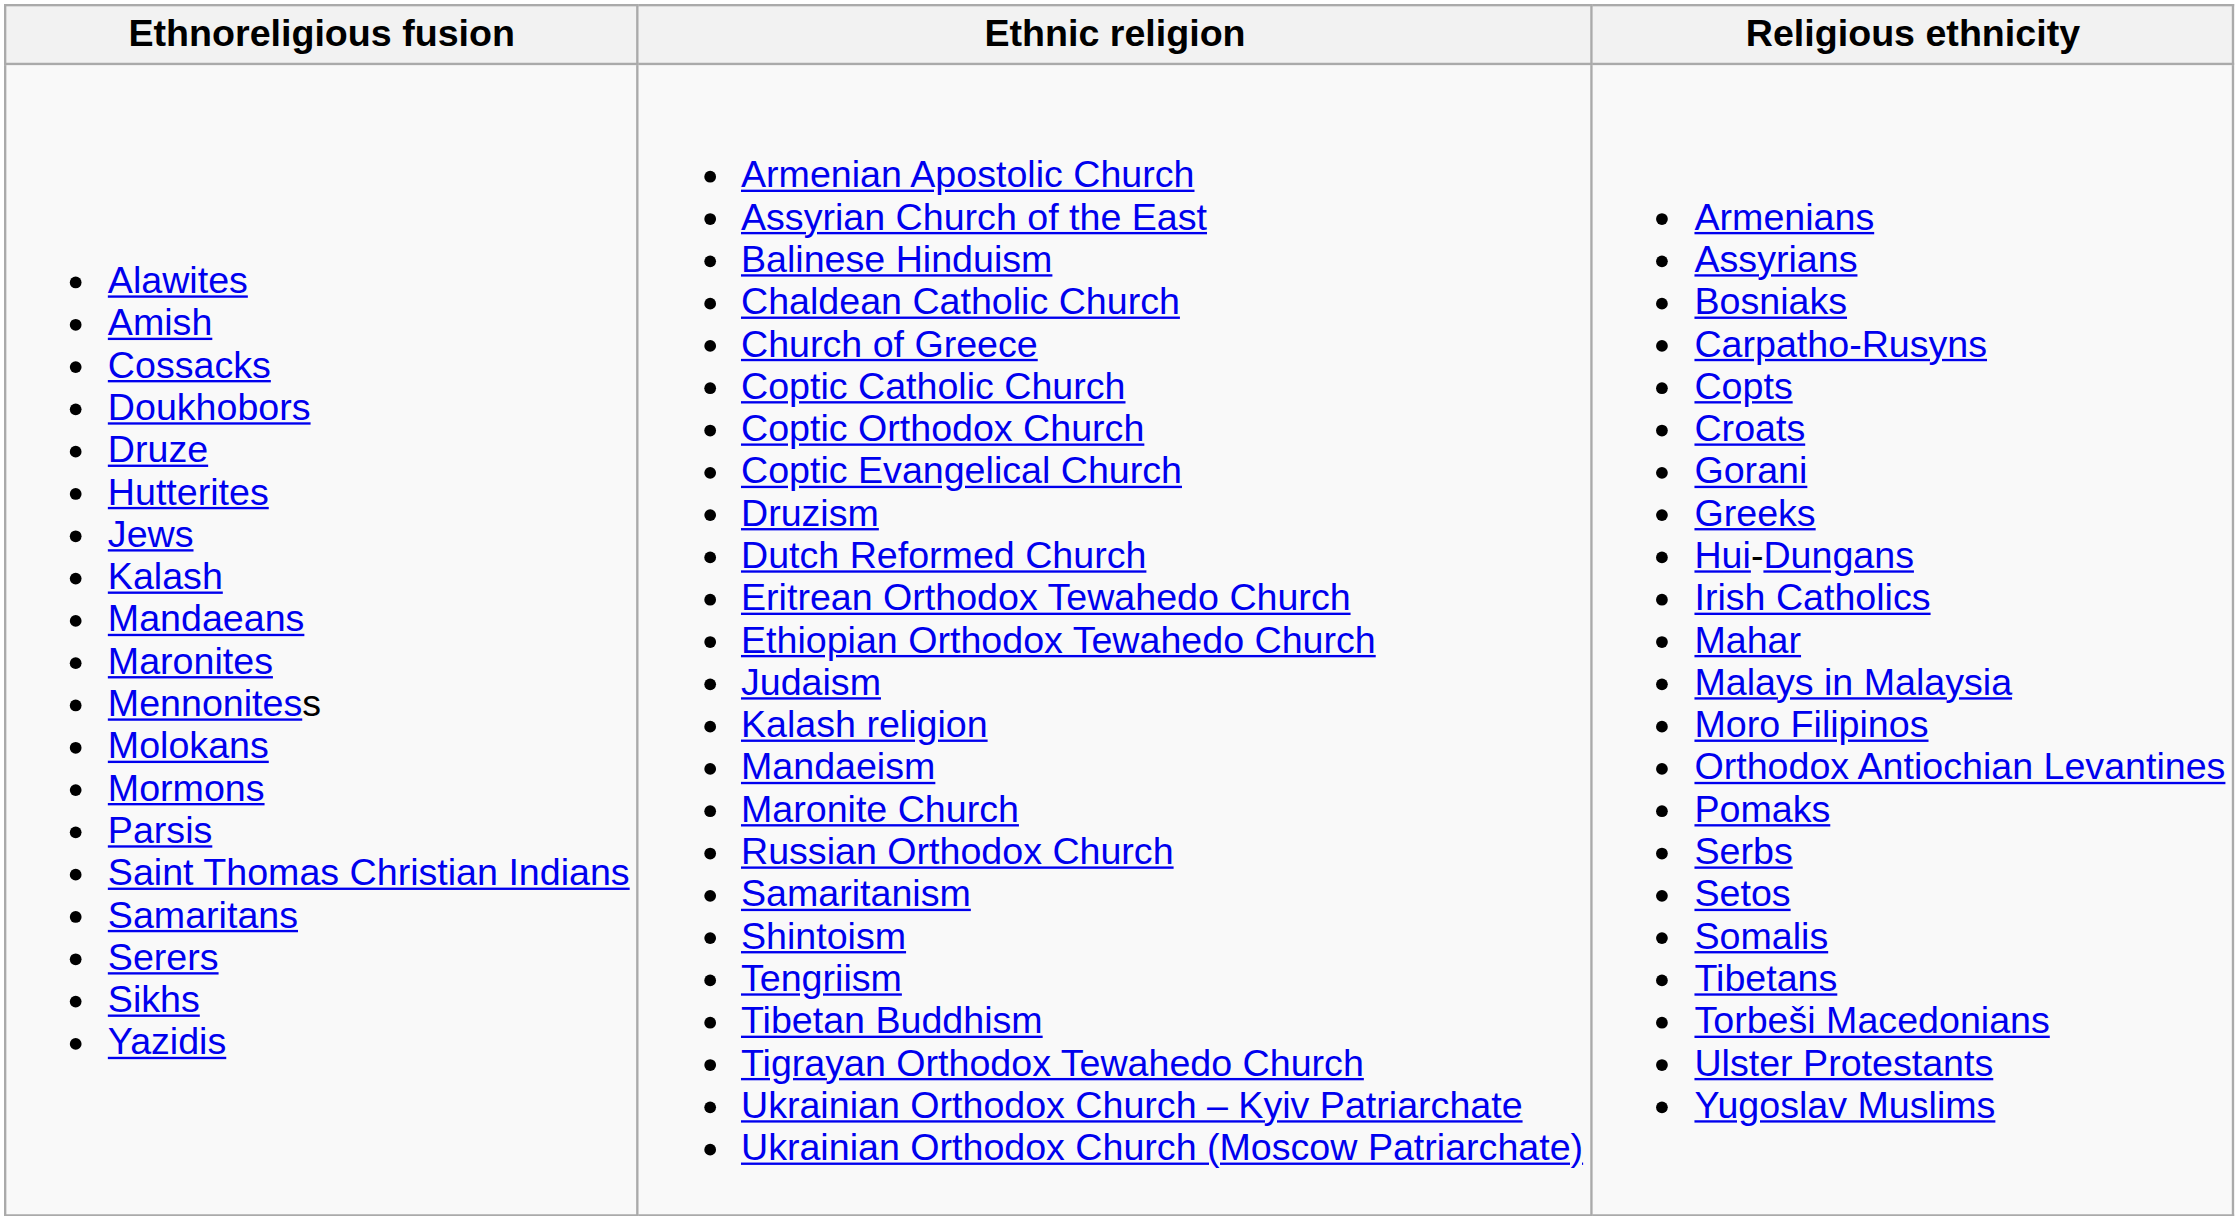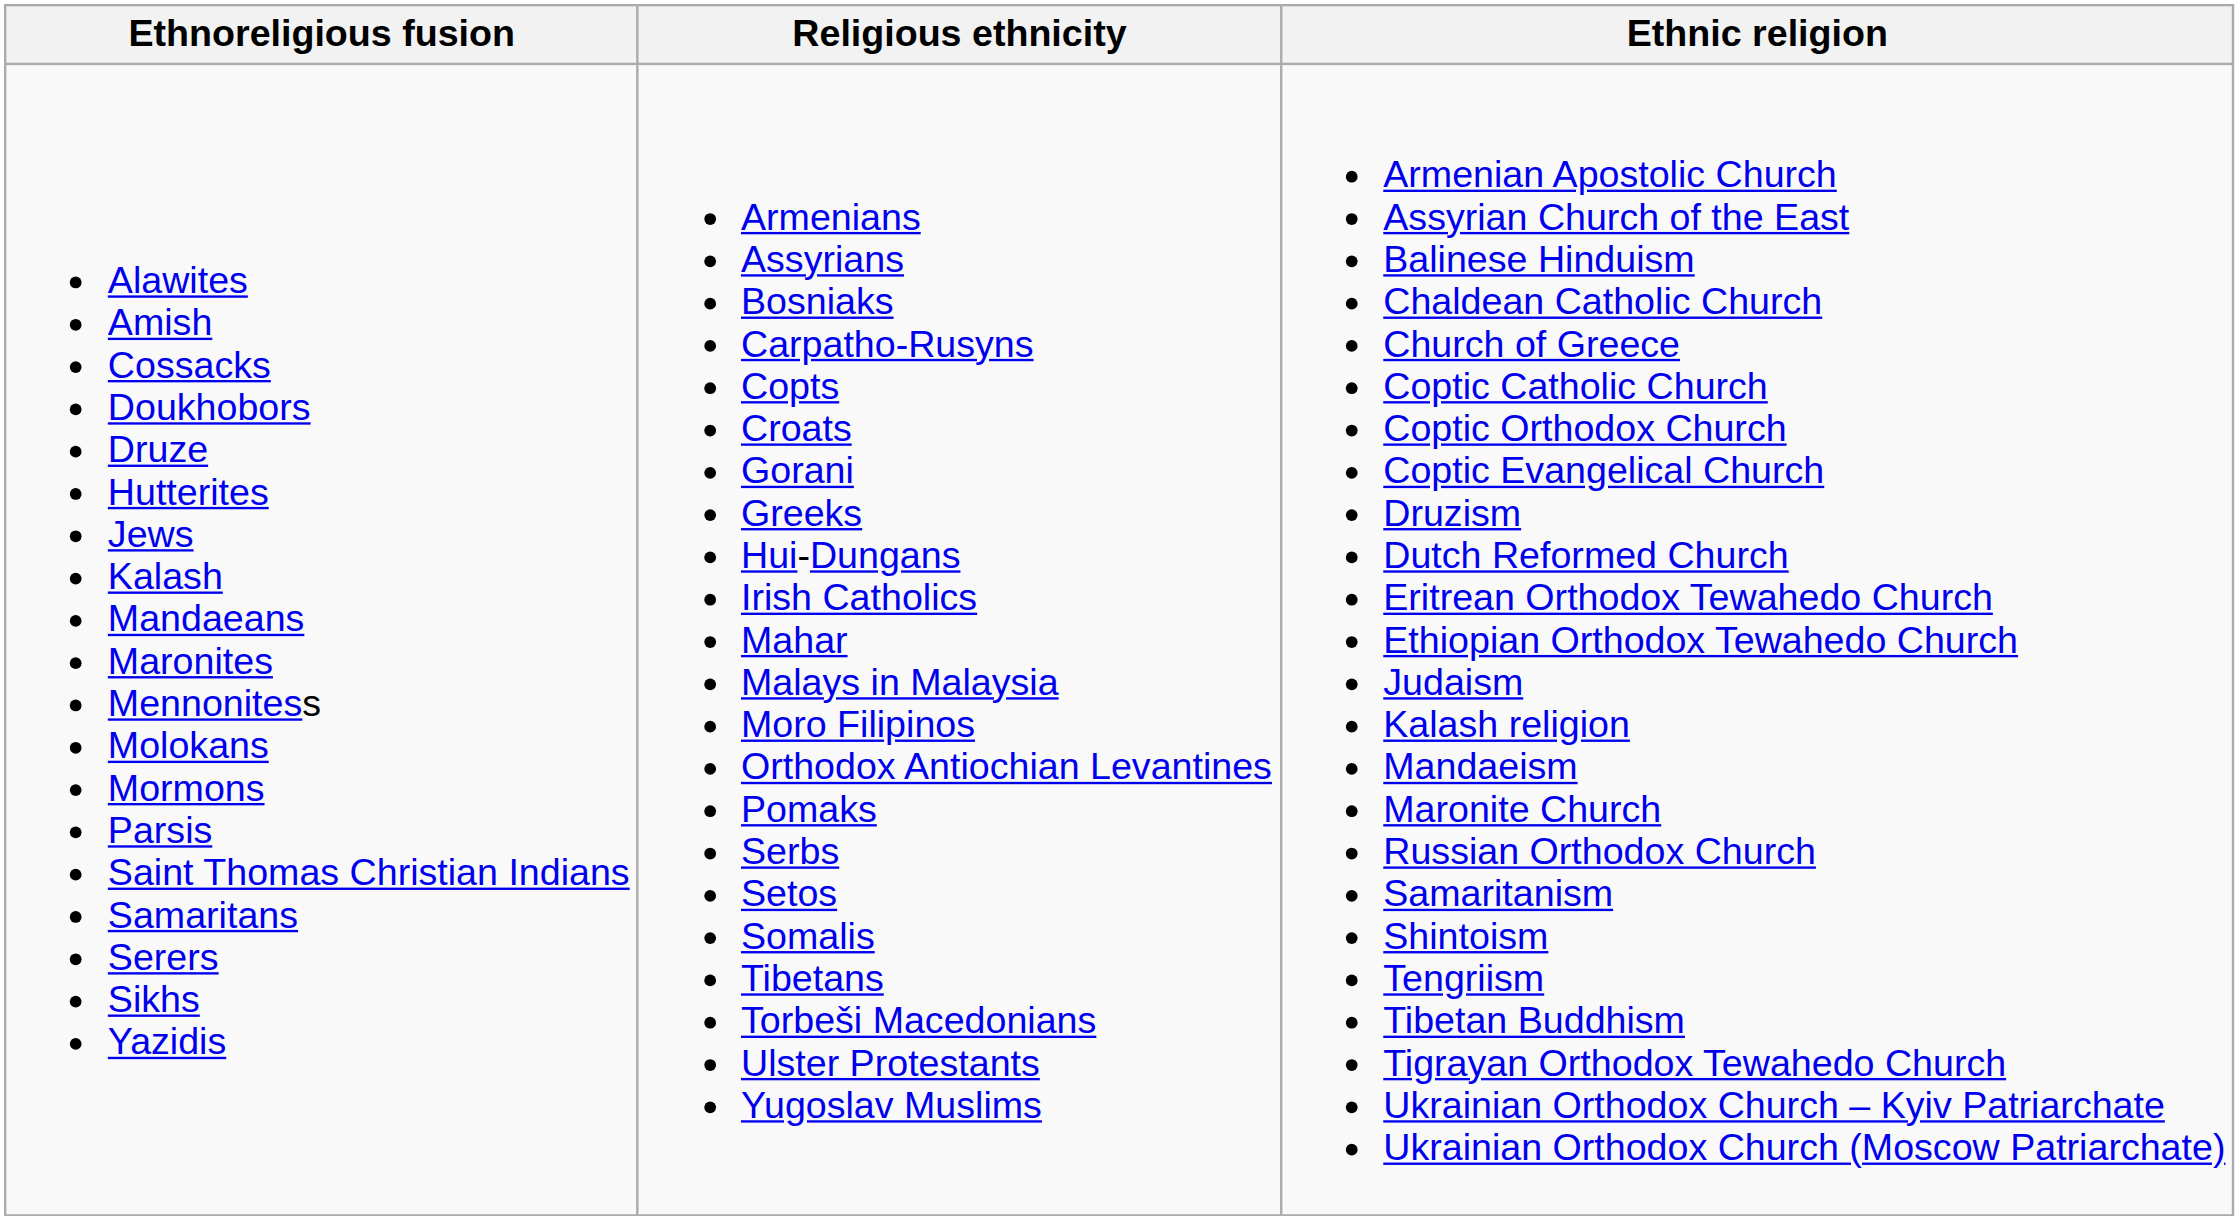 <table class="wikitable">
 <tr>
 <th>Ethnoreligious fusion</th>
+<th>Religious ethnicity</th>
 <th>Ethnic religion</th>
-<th>Religious ethnicity</th>
 </tr>
 <tr>
 <td><br><ul><li><a href='#'>Alawites</a></li><li><a href='#'>Amish</a></li><li><a href='#'>Cossacks</a></li><li><a href='#'>Doukhobors</a></li><li><a href='#'>Druze</a></li><li><a href='#'>Hutterites</a></li><li><a href='#'>Jews</a></li><li><a href='#'>Kalash</a></li><li><a href='#'>Mandaeans</a></li><li><a href='#'>Maronites</a></li><li><a href='#'>Mennonites</a>s</li><li><a href='#'>Molokans</a></li><li><a href='#'>Mormons</a></li><li><a href='#'>Parsis</a></li><li><a href='#'>Saint Thomas Christian Indians</a></li><li><a href='#'>Samaritans</a></li><li><a href='#'>Serers</a></li><li><a href='#'>Sikhs</a></li><li><a href='#'>Yazidis</a></li></ul></td>
+<td><br><ul><li><a href='#'>Armenians</a></li><li><a href='#'>Assyrians</a></li><li><a href='#'>Bosniaks</a></li><li><a href='#'>Carpatho-Rusyns</a></li><li><a href='#'>Copts</a></li><li><a href='#'>Croats</a></li><li><a href='#'>Gorani</a></li><li><a href='#'>Greeks</a></li><li><a href='#'>Hui</a>-<a href='#'>Dungans</a></li><li><a href='#'>Irish Catholics</a></li><li><a href='#'>Mahar</a></li><li><a href='#'>Malays in Malaysia</a></li><li><a href='#'>Moro Filipinos</a></li><li><a href='#'>Orthodox Antiochian Levantines</a></li><li><a href='#'>Pomaks</a></li><li><a href='#'>Serbs</a></li><li><a href='#'>Setos</a></li><li><a href='#'>Somalis</a></li><li><a href='#'>Tibetans</a></li><li><a href='#'>Torbeši Macedonians</a></li><li><a href='#'>Ulster Protestants</a></li><li><a href='#'>Yugoslav Muslims</a></li></ul></td>
 <td><br><ul><li><a href='#'>Armenian Apostolic Church</a></li><li><a href='#'>Assyrian Church of the East</a></li><li><a href='#'>Balinese Hinduism</a></li><li><a href='#'>Chaldean Catholic Church</a></li><li><a href='#'>Church of Greece</a></li><li><a href='#'>Coptic Catholic Church</a></li><li><a href='#'>Coptic Orthodox Church</a></li><li><a href='#'>Coptic Evangelical Church</a></li><li><a href='#'>Druzism</a></li><li><a href='#'>Dutch Reformed Church</a></li><li><a href='#'>Eritrean Orthodox Tewahedo Church</a></li><li><a href='#'>Ethiopian Orthodox Tewahedo Church</a></li><li><a href='#'>Judaism</a></li><li><a href='#'>Kalash religion</a></li><li><a href='#'>Mandaeism</a></li><li><a href='#'>Maronite Church</a></li><li><a href='#'>Russian Orthodox Church</a></li><li><a href='#'>Samaritanism</a></li><li><a href='#'>Shintoism</a></li><li><a href='#'>Tengriism</a></li><li><a href='#'>Tibetan Buddhism</a></li><li><a href='#'>Tigrayan Orthodox Tewahedo Church</a></li><li><a href='#'>Ukrainian Orthodox Church – Kyiv Patriarchate</a></li><li><a href='#'>Ukrainian Orthodox Church (Moscow Patriarchate)</a></li></ul></td>
-<td><br><ul><li><a href='#'>Armenians</a></li><li><a href='#'>Assyrians</a></li><li><a href='#'>Bosniaks</a></li><li><a href='#'>Carpatho-Rusyns</a></li><li><a href='#'>Copts</a></li><li><a href='#'>Croats</a></li><li><a href='#'>Gorani</a></li><li><a href='#'>Greeks</a></li><li><a href='#'>Hui</a>-<a href='#'>Dungans</a></li><li><a href='#'>Irish Catholics</a></li><li><a href='#'>Mahar</a></li><li><a href='#'>Malays in Malaysia</a></li><li><a href='#'>Moro Filipinos</a></li><li><a href='#'>Orthodox Antiochian Levantines</a></li><li><a href='#'>Pomaks</a></li><li><a href='#'>Serbs</a></li><li><a href='#'>Setos</a></li><li><a href='#'>Somalis</a></li><li><a href='#'>Tibetans</a></li><li><a href='#'>Torbeši Macedonians</a></li><li><a href='#'>Ulster Protestants</a></li><li><a href='#'>Yugoslav Muslims</a></li></ul></td>
 </tr>
 </table>
